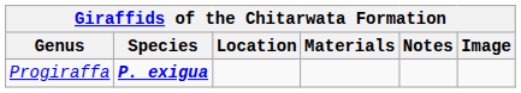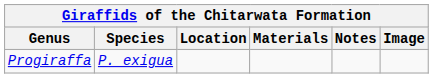 <table class="wikitable">
 <tr>
 <th colspan="7" align="center"><strong><a href='#'>Giraffids</a> of the Chitarwata Formation</strong></th>
 </tr>
 <tr>
 <th>Genus</th>
 <th>Species</th>
 <th>Location</th>
 <th>Materials</th>
 <th>Notes</th>
 <th>Image</th>
 </tr>
 <tr>
 <td><em><a href='#'>Progiraffa</a></em></td>
-<td><strong><em><a href='#'>P. exigua</a></em></strong></td>
+<td><em><a href='#'>P. exigua</a></em></td>
 <td></td>
 <td></td>
 <td></td>
 <td></td>
 </tr>
 </table>
